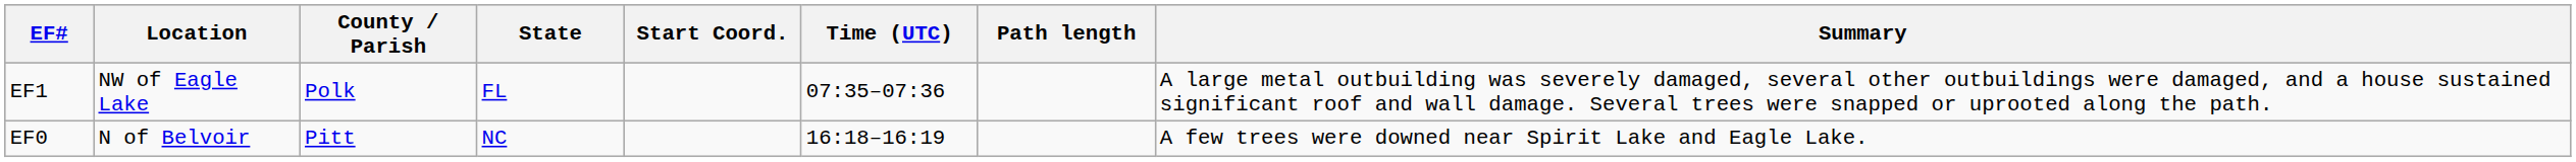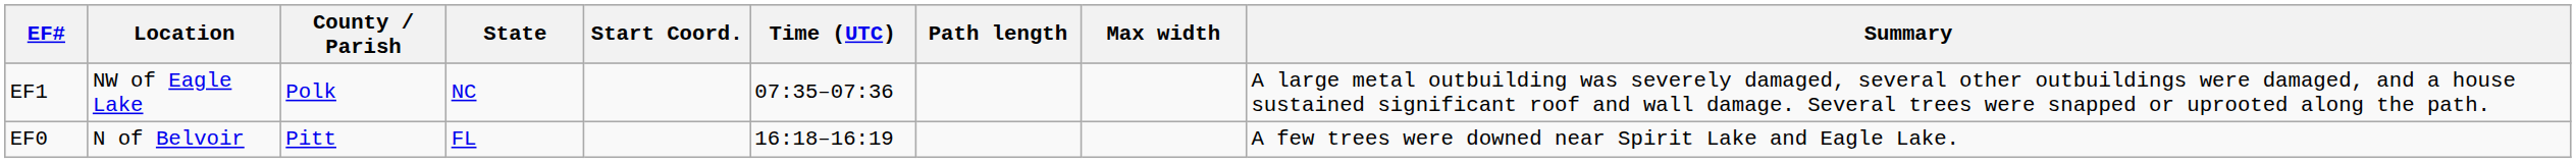 <table class="wikitable sortable" style="width:100%;">
 <tr>
 <th scope="col"  style="width:3%; text-align:center;"><a href='#'>EF#</a></th>
 <th scope="col"  style="width:7%; text-align:center;" class="unsortable">Location</th>
 <th scope="col"  style="width:6%; text-align:center;" class="unsortable">County / Parish</th>
 <th scope="col"  style="width:5%; text-align:center;">State</th>
 <th scope="col"  style="width:6%; text-align:center;">Start Coord.</th>
 <th scope="col"  style="width:6%; text-align:center;">Time (<a href='#'>UTC</a>)</th>
 <th scope="col"  style="width:6%; text-align:center;">Path length</th>
+<th scope="col"  style="width:6%; text-align:center;">Max width</th>
 <th scope="col" class="unsortable" style="width:48%; text-align:center;">Summary</th>
 </tr>
 <tr>
 <td>EF1</td>
 <td>NW of <a href='#'>Eagle Lake</a></td>
 <td><a href='#'>Polk</a></td>
-<td><a href='#'>FL</a></td>
+<td><a href='#'>NC</a></td>
 <td></td>
 <td>07:35–07:36</td>
+<td></td>
 <td></td>
 <td>A large metal outbuilding was severely damaged, several other outbuildings were damaged, and a house sustained significant roof and wall damage. Several trees were snapped or uprooted along the path.</td>
 </tr>
 <tr>
 <td>EF0</td>
 <td>N of <a href='#'>Belvoir</a></td>
 <td><a href='#'>Pitt</a></td>
-<td><a href='#'>NC</a></td>
+<td><a href='#'>FL</a></td>
 <td></td>
 <td>16:18–16:19</td>
+<td></td>
 <td></td>
 <td>A few trees were downed near Spirit Lake and Eagle Lake.</td>
 </tr>
 </table>
